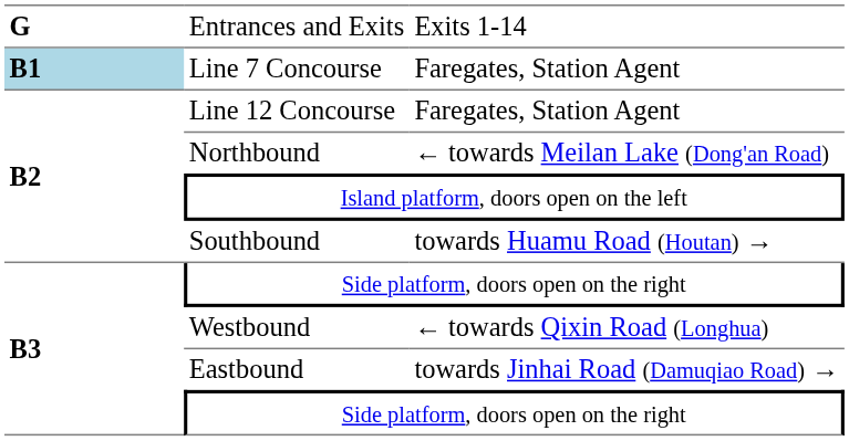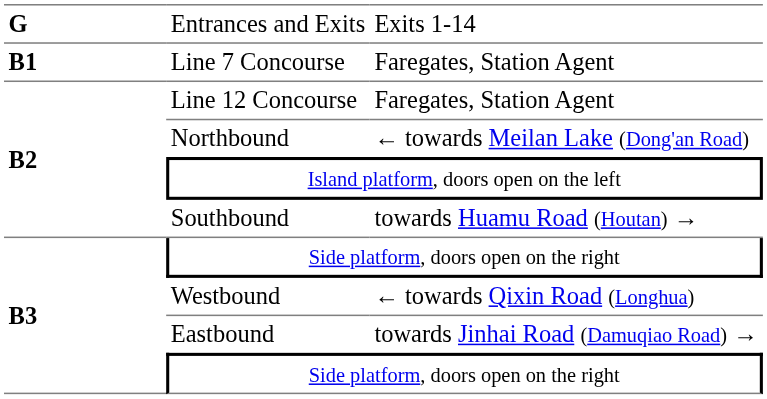 <table cellspacing=0 cellpadding=3>
 <tr>
 <td style="border-top:solid 1px gray;border-bottom:solid 1px gray;" width=100><strong>G</strong></td>
 <td style="border-top:solid 1px gray;border-bottom:solid 1px gray;">Entrances and Exits</td>
 <td style="border-top:solid 1px gray;border-bottom:solid 1px gray;">Exits 1-14</td>
 </tr>
 <tr>
-<td style="background: lightblue; border-bottom:solid 1px gray;"><strong>B1</strong></td>
+<td style="border-bottom:solid 1px gray;"><strong>B1</strong></td>
 <td style="border-bottom:solid 1px gray;">Line 7 Concourse</td>
 <td style="border-bottom:solid 1px gray;">Faregates, Station Agent</td>
 </tr>
 <tr>
 <td style="border-bottom:solid 1px gray;" rowspan=4><strong>B2</strong></td>
 <td style="border-bottom:solid 1px gray;">Line 12 Concourse</td>
 <td style="border-bottom:solid 1px gray;">Faregates, Station Agent</td>
 </tr>
 <tr>
 <td>Northbound</td>
 <td>←  towards <a href='#'>Meilan Lake</a> <small>(<a href='#'>Dong'an Road</a>)</small></td>
 </tr>
 <tr>
 <td style="border-right:solid 2px black;border-left:solid 2px black;border-top:solid 2px black;border-bottom:solid 2px black;text-align:center;" colspan=2><small><a href='#'>Island platform</a>, doors open on the left</small></td>
 </tr>
 <tr>
 <td style="border-bottom:solid 1px gray;">Southbound</td>
 <td style="border-bottom:solid 1px gray;">  towards <a href='#'>Huamu Road</a> <small>(<a href='#'>Houtan</a>)</small> →</td>
 </tr>
 <tr>
 <td style="border-bottom:solid 1px gray;" rowspan=4><strong>B3</strong></td>
 <td style="border-right:solid 2px black;border-left:solid 2px black;border-bottom:solid 2px black;text-align:center;" colspan=2><small><a href='#'>Side platform</a>, doors open on the right</small></td>
 </tr>
 <tr>
 <td style="border-bottom:solid 1px gray;">Westbound</td>
 <td style="border-bottom:solid 1px gray;">←  towards <a href='#'>Qixin Road</a> <small>(<a href='#'>Longhua</a>)</small></td>
 </tr>
 <tr>
 <td>Eastbound</td>
 <td>  towards <a href='#'>Jinhai Road</a> <small>(<a href='#'>Damuqiao Road</a>)</small> →</td>
 </tr>
 <tr>
 <td style="border-right:solid 2px black;border-left:solid 2px black;border-top:solid 2px black;border-bottom:solid 1px gray;text-align:center;" colspan=2><small><a href='#'>Side platform</a>, doors open on the right</small></td>
 </tr>
 </table>
